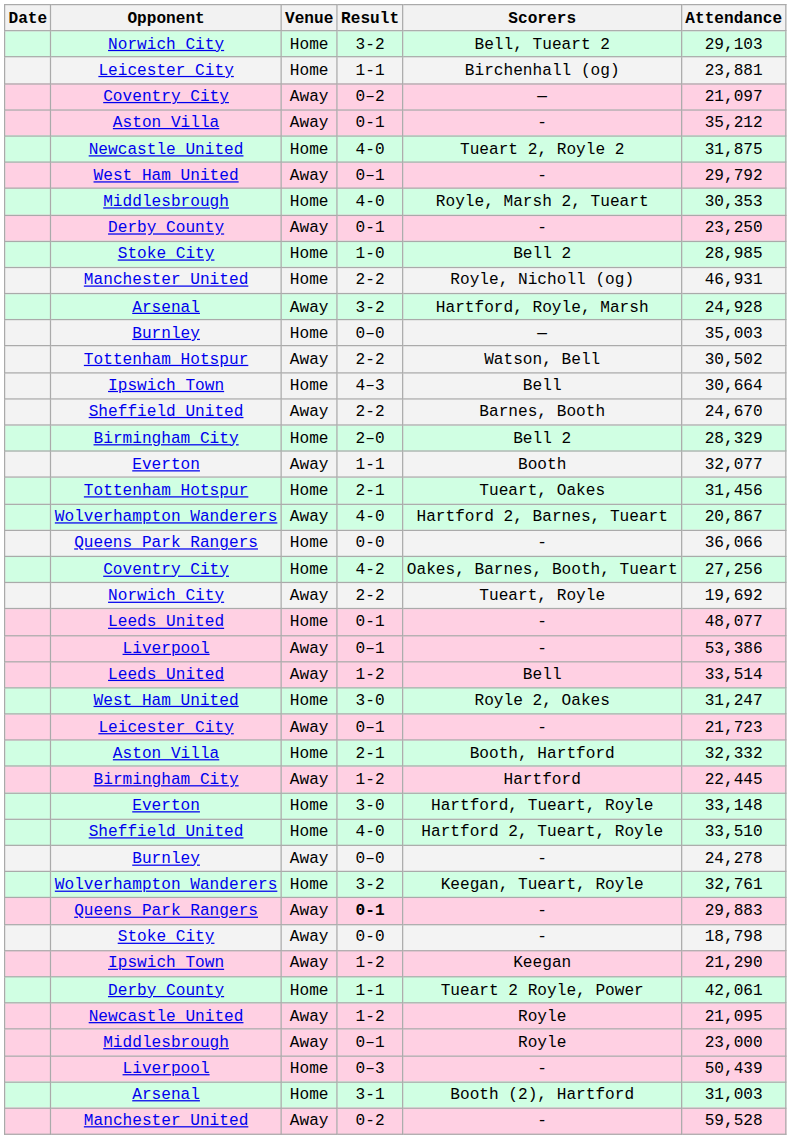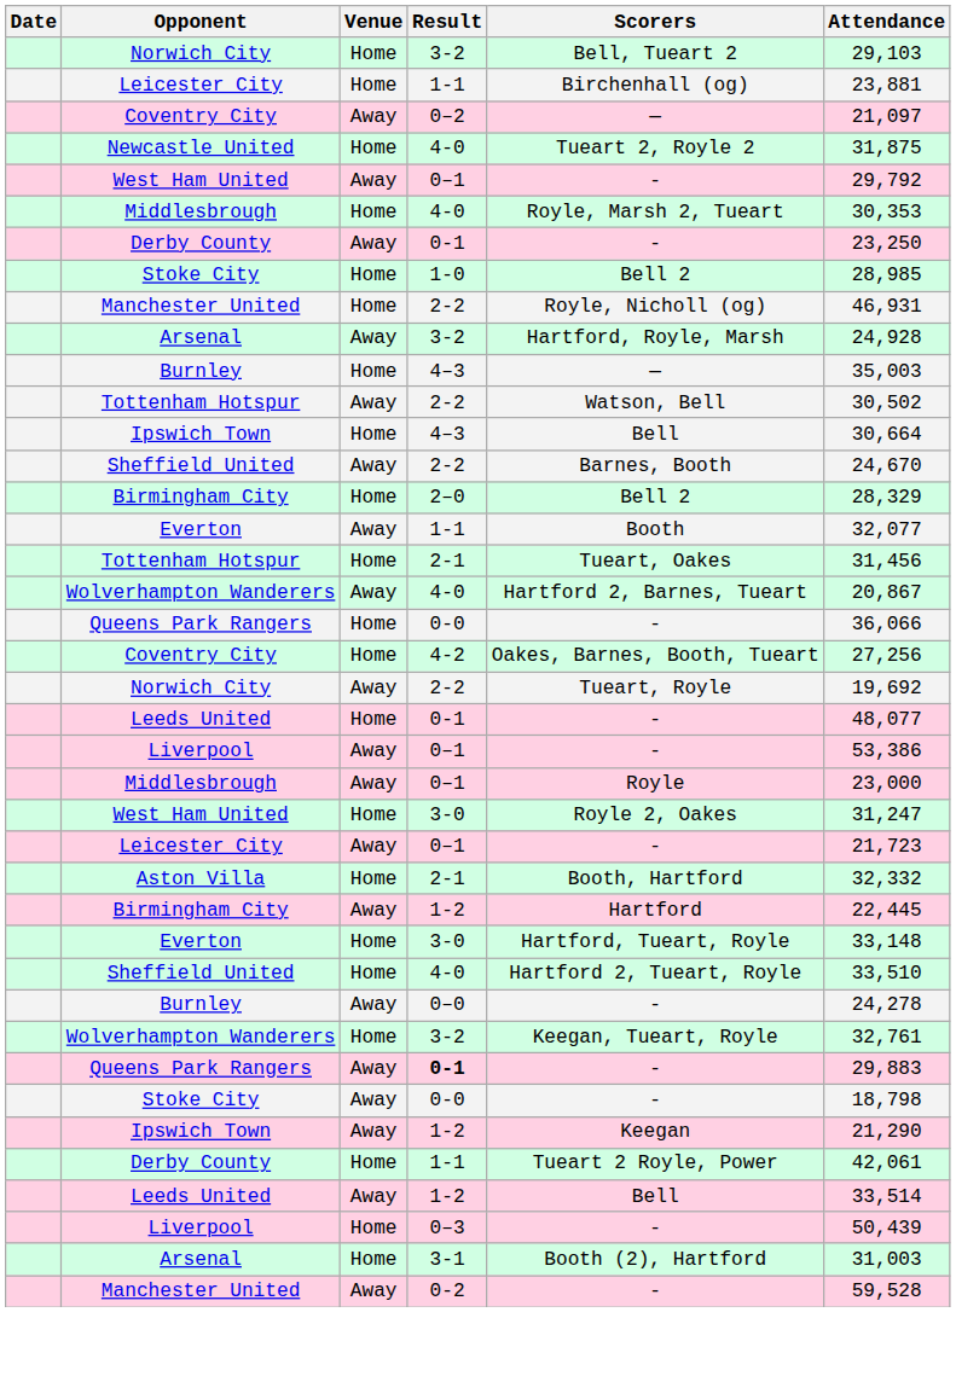 <table class="wikitable sortable" style="text-align:center;">
 <tr>
 <th>Date</th>
 <th>Opponent</th>
 <th>Venue</th>
 <th>Result</th>
 <th class=unsortable>Scorers</th>
 <th>Attendance</th>
 </tr>
 <tr bgcolor="#d0ffe3">
 <td></td>
 <td><a href='#'>Norwich City</a></td>
 <td>Home</td>
 <td>3-2</td>
 <td>Bell, Tueart 2</td>
 <td>29,103</td>
 </tr>
 <tr bgcolor="#f3f3f3">
 <td></td>
 <td><a href='#'>Leicester City</a></td>
 <td>Home</td>
 <td>1-1</td>
 <td>Birchenhall (og)</td>
 <td>23,881</td>
 </tr>
 <tr bgcolor="#ffd0e3">
 <td></td>
 <td><a href='#'>Coventry City</a></td>
 <td>Away</td>
 <td>0–2</td>
 <td>—</td>
 <td>21,097</td>
-</tr>
-<tr bgcolor="#ffd0e3">
-<td></td>
-<td><a href='#'>Aston Villa</a></td>
-<td>Away</td>
-<td>0-1</td>
-<td>-</td>
-<td>35,212</td>
 </tr>
 <tr bgcolor="#d0ffe3">
 <td></td>
 <td><a href='#'>Newcastle United</a></td>
 <td>Home</td>
 <td>4-0</td>
 <td>Tueart 2, Royle 2</td>
 <td>31,875</td>
 </tr>
 <tr bgcolor="#ffd0e3">
 <td></td>
 <td><a href='#'>West Ham United</a></td>
 <td>Away</td>
 <td>0–1</td>
 <td>-</td>
 <td>29,792</td>
 </tr>
 <tr bgcolor="#d0ffe3">
 <td></td>
 <td><a href='#'> Middlesbrough</a></td>
 <td>Home</td>
 <td>4-0</td>
 <td>Royle, Marsh 2, Tueart</td>
 <td>30,353</td>
 </tr>
 <tr bgcolor="#ffd0e3">
 <td></td>
 <td><a href='#'>Derby County</a></td>
 <td>Away</td>
 <td>0-1</td>
 <td>-</td>
 <td>23,250</td>
 </tr>
 <tr bgcolor="#d0ffe3">
 <td></td>
 <td><a href='#'>Stoke City</a></td>
 <td>Home</td>
 <td>1-0</td>
 <td>Bell 2</td>
 <td>28,985</td>
 </tr>
 <tr bgcolor="#f3f3f3">
 <td></td>
 <td><a href='#'>Manchester United</a></td>
 <td>Home</td>
 <td>2-2</td>
 <td>Royle, Nicholl (og)</td>
 <td>46,931</td>
 </tr>
 <tr bgcolor="#d0ffe3">
 <td></td>
 <td><a href='#'>Arsenal</a></td>
 <td>Away</td>
 <td>3-2</td>
 <td>Hartford, Royle, Marsh</td>
 <td>24,928</td>
 </tr>
 <tr bgcolor="#f3f3f3">
 <td></td>
 <td><a href='#'>Burnley</a></td>
 <td>Home</td>
-<td>0–0</td>
+<td>4–3</td>
 <td>—</td>
 <td>35,003</td>
 </tr>
 <tr bgcolor="#f3f3f3">
 <td></td>
 <td><a href='#'>Tottenham Hotspur</a></td>
 <td>Away</td>
 <td>2-2</td>
 <td>Watson, Bell</td>
 <td>30,502</td>
 </tr>
 <tr bgcolor="#f3f3f3">
 <td></td>
 <td><a href='#'>Ipswich Town</a></td>
 <td>Home</td>
 <td>4–3</td>
 <td>Bell</td>
 <td>30,664</td>
 </tr>
 <tr bgcolor="#f3f3f3">
 <td></td>
 <td><a href='#'>Sheffield United</a></td>
 <td>Away</td>
 <td>2-2</td>
 <td>Barnes, Booth</td>
 <td>24,670</td>
 </tr>
 <tr bgcolor="#d0ffe3">
 <td></td>
 <td><a href='#'>Birmingham City</a></td>
 <td>Home</td>
 <td>2–0</td>
 <td>Bell 2</td>
 <td>28,329</td>
 </tr>
 <tr bgcolor="#f3f3f3">
 <td></td>
 <td><a href='#'>Everton</a></td>
 <td>Away</td>
 <td>1-1</td>
 <td>Booth</td>
 <td>32,077</td>
 </tr>
 <tr bgcolor="#doffe3">
 <td></td>
 <td><a href='#'>Tottenham Hotspur</a></td>
 <td>Home</td>
 <td>2-1</td>
 <td>Tueart, Oakes</td>
 <td>31,456</td>
 </tr>
 <tr bgcolor="#d0ffe3">
 <td></td>
 <td><a href='#'>Wolverhampton Wanderers</a></td>
 <td>Away</td>
 <td>4-0</td>
 <td>Hartford 2, Barnes, Tueart</td>
 <td>20,867</td>
 </tr>
 <tr bgcolor="#f3f3f3">
 <td></td>
 <td><a href='#'>Queens Park Rangers</a></td>
 <td>Home</td>
 <td>0-0</td>
 <td>-</td>
 <td>36,066</td>
 </tr>
 <tr bgcolor="#d0ffe3">
 <td></td>
 <td><a href='#'>Coventry City</a></td>
 <td>Home</td>
 <td>4-2</td>
 <td>Oakes, Barnes, Booth, Tueart</td>
 <td>27,256</td>
 </tr>
 <tr bgcolor="#f3f3f3">
 <td></td>
 <td><a href='#'>Norwich City</a></td>
 <td>Away</td>
 <td>2-2</td>
 <td>Tueart, Royle</td>
 <td>19,692</td>
 </tr>
 <tr bgcolor="#ffd0e3">
 <td></td>
 <td><a href='#'>Leeds United</a></td>
 <td>Home</td>
 <td>0-1</td>
 <td>-</td>
 <td>48,077</td>
 </tr>
 <tr bgcolor="#ffd0e3">
 <td></td>
 <td><a href='#'>Liverpool</a></td>
 <td>Away</td>
 <td>0–1</td>
 <td>-</td>
 <td>53,386</td>
 </tr>
 <tr bgcolor="#ffd0e3">
 <td></td>
-<td><a href='#'>Leeds United</a></td>
+<td><a href='#'>Middlesbrough</a></td>
 <td>Away</td>
-<td>1-2</td>
-<td>Bell</td>
-<td>33,514</td>
+<td>0–1</td>
+<td>Royle</td>
+<td>23,000</td>
 </tr>
 <tr bgcolor="#d0ffe3">
 <td></td>
 <td><a href='#'>West Ham United</a></td>
 <td>Home</td>
 <td>3-0</td>
 <td>Royle 2, Oakes</td>
 <td>31,247</td>
 </tr>
 <tr bgcolor="#ffd0e3">
 <td></td>
 <td><a href='#'>Leicester City</a></td>
 <td>Away</td>
 <td>0–1</td>
 <td>-</td>
 <td>21,723</td>
 </tr>
 <tr bgcolor="#d0ffe3">
 <td></td>
 <td><a href='#'>Aston Villa</a></td>
 <td>Home</td>
 <td>2-1</td>
 <td>Booth, Hartford</td>
 <td>32,332</td>
 </tr>
 <tr bgcolor="#ffd0e3">
 <td></td>
 <td><a href='#'>Birmingham City</a></td>
 <td>Away</td>
 <td>1-2</td>
 <td>Hartford</td>
 <td>22,445</td>
 </tr>
 <tr bgcolor="#d0ffe3">
 <td></td>
 <td><a href='#'>Everton</a></td>
 <td>Home</td>
 <td>3-0</td>
 <td>Hartford, Tueart, Royle</td>
 <td>33,148</td>
 </tr>
 <tr bgcolor="#d0ffe3">
 <td></td>
 <td><a href='#'>Sheffield United</a></td>
 <td>Home</td>
 <td>4-0</td>
 <td>Hartford 2, Tueart, Royle</td>
 <td>33,510</td>
 </tr>
 <tr bgcolor="#f3f3f3">
 <td></td>
 <td><a href='#'>Burnley</a></td>
 <td>Away</td>
 <td>0–0</td>
 <td>-</td>
 <td>24,278</td>
 </tr>
 <tr bgcolor="#d0ffe3">
 <td></td>
 <td><a href='#'>Wolverhampton Wanderers</a></td>
 <td>Home</td>
 <td>3-2</td>
 <td>Keegan, Tueart, Royle</td>
 <td>32,761</td>
 </tr>
 <tr bgcolor="#ffd0e3">
 <td></td>
 <td><a href='#'>Queens Park Rangers</a></td>
 <td>Away</td>
 <td><strong>0-1</strong></td>
 <td>-</td>
 <td>29,883</td>
 </tr>
 <tr bgcolor="#f3f3f3">
 <td></td>
 <td><a href='#'>Stoke City</a></td>
 <td>Away</td>
 <td>0-0</td>
 <td>-</td>
 <td>18,798</td>
 </tr>
 <tr bgcolor="#ffd0e3">
 <td></td>
 <td><a href='#'>Ipswich Town</a></td>
 <td>Away</td>
 <td>1-2</td>
 <td>Keegan</td>
 <td>21,290</td>
 </tr>
 <tr bgcolor="#d0ffe3">
 <td></td>
 <td><a href='#'>Derby County</a></td>
 <td>Home</td>
 <td>1-1</td>
 <td>Tueart 2 Royle, Power</td>
 <td>42,061</td>
 </tr>
 <tr bgcolor="#ffd0e3">
 <td></td>
-<td><a href='#'>Newcastle United</a></td>
+<td><a href='#'>Leeds United</a></td>
 <td>Away</td>
 <td>1-2</td>
-<td>Royle</td>
-<td>21,095</td>
-</tr>
-<tr bgcolor="#ffd0e3">
-<td></td>
-<td><a href='#'>Middlesbrough</a></td>
-<td>Away</td>
-<td>0–1</td>
-<td>Royle</td>
-<td>23,000</td>
+<td>Bell</td>
+<td>33,514</td>
 </tr>
 <tr bgcolor="#ffd0e3">
 <td></td>
 <td><a href='#'>Liverpool</a></td>
 <td>Home</td>
 <td>0–3</td>
 <td>-</td>
 <td>50,439</td>
 </tr>
 <tr bgcolor="#d0ffe3">
 <td></td>
 <td><a href='#'>Arsenal</a></td>
 <td>Home</td>
 <td>3-1</td>
 <td>Booth (2), Hartford</td>
 <td>31,003</td>
 </tr>
 <tr bgcolor="#ffd0e3">
 <td></td>
 <td><a href='#'>Manchester United</a></td>
 <td>Away</td>
 <td>0-2</td>
 <td>-</td>
 <td>59,528</td>
 </tr>
 </table>
